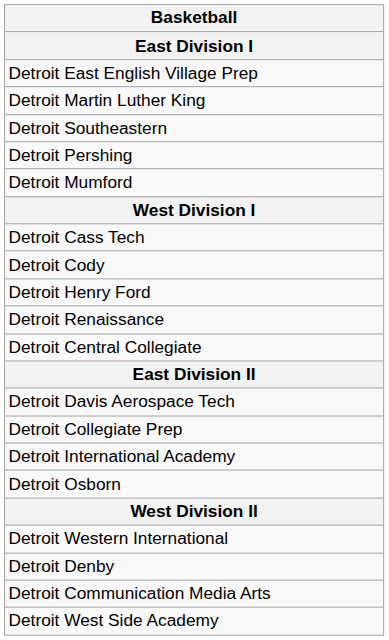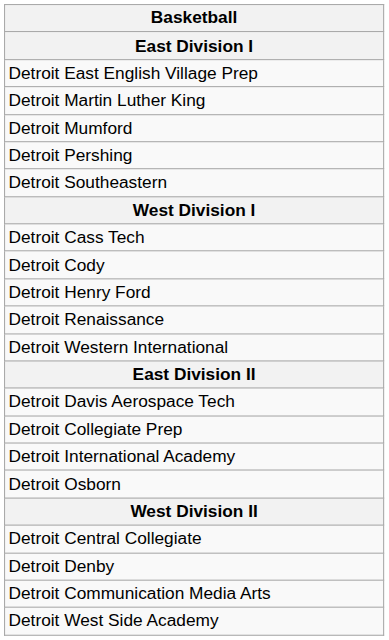 <table class="wikitable collapsible collapsed" style="width:22em">
 <tr>
 <th align=center>Basketball</th>
 </tr>
 <tr>
 <th>East Division I</th>
 </tr>
 <tr>
 <td>Detroit East English Village Prep</td>
 </tr>
 <tr>
 <td>Detroit Martin Luther King</td>
 </tr>
 <tr>
-<td>Detroit Southeastern</td>
+<td>Detroit Mumford</td>
 </tr>
 <tr>
 <td>Detroit Pershing</td>
 </tr>
 <tr>
-<td>Detroit Mumford</td>
+<td>Detroit Southeastern</td>
 </tr>
 <tr>
 <th>West Division I</th>
 </tr>
 <tr>
 <td>Detroit Cass Tech</td>
 </tr>
 <tr>
 <td>Detroit Cody</td>
 </tr>
 <tr>
 <td>Detroit Henry Ford</td>
 </tr>
 <tr>
 <td>Detroit Renaissance</td>
 </tr>
 <tr>
-<td>Detroit Central Collegiate</td>
+<td>Detroit Western International</td>
 </tr>
 <tr>
 <th>East Division II</th>
 </tr>
 <tr>
 <td>Detroit Davis Aerospace Tech</td>
 </tr>
 <tr>
 <td>Detroit Collegiate Prep</td>
 </tr>
 <tr>
 <td>Detroit International Academy</td>
 </tr>
 <tr>
 <td>Detroit Osborn</td>
 </tr>
 <tr>
 <th>West Division II</th>
 </tr>
 <tr>
-<td>Detroit Western International</td>
+<td>Detroit Central Collegiate</td>
 </tr>
 <tr>
 <td>Detroit Denby</td>
 </tr>
 <tr>
 <td>Detroit Communication Media Arts</td>
 </tr>
 <tr>
 <td>Detroit West Side Academy</td>
 </tr>
 </table>
